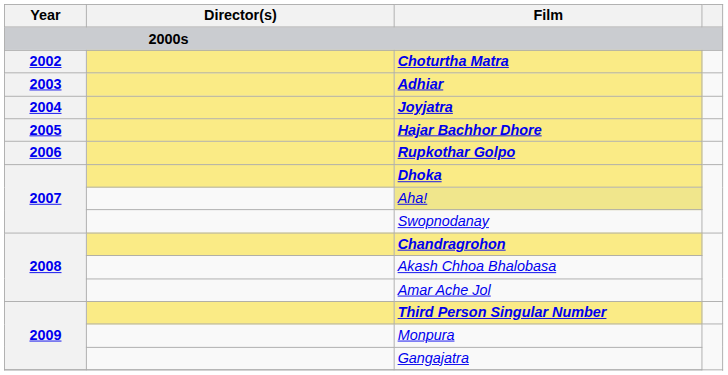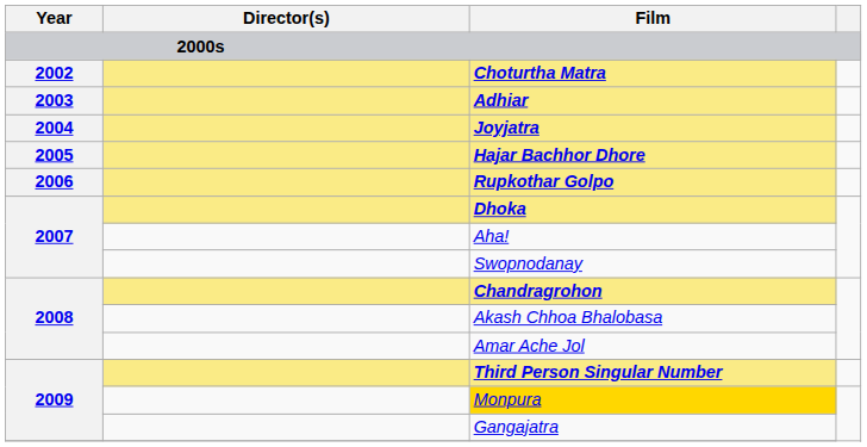 <table class="wikitable sortable">
 <tr>
 <th scope="col" style="width:8%;">Year</th>
 <th scope="col" style="width:30%;">Director(s)</th>
 <th scope="col" style="width:30%;">Film</th>
 <th scope="col" style="width:2%;" class="unsortable"></th>
 </tr>
 <tr>
 <td colspan=5 data-sort-value="ω" style="background-color:#CACCD0; font-weight:bold; padding-left:20%">2000s</td>
 </tr>
 <tr>
 <th scope="row" rowspan=1 style="text-align:center;"><a href='#'>2002</a><br></th>
 <td style="background:#FAEB86;"><strong></strong></td>
 <td style="background:#FAEB86;"><strong><em><a href='#'>Choturtha Matra</a></em></strong></td>
 <td rowspan="1"></td>
 </tr>
 <tr>
 <th scope="row" rowspan=1 style="text-align:center;"><a href='#'>2003</a><br></th>
 <td style="background:#FAEB86;"><strong></strong></td>
 <td style="background:#FAEB86;"><strong><em><a href='#'>Adhiar</a></em></strong> </td>
 <td rowspan="1"></td>
 </tr>
 <tr>
 <th scope="row" rowspan=1 style="text-align:center;"><a href='#'>2004</a><br></th>
 <td style="background:#FAEB86;"><strong></strong></td>
 <td style="background:#FAEB86;"><strong><em><a href='#'>Joyjatra</a></em></strong></td>
 <td rowspan="1"></td>
 </tr>
 <tr>
 <th scope="row" rowspan=1 style="text-align:center;"><a href='#'>2005</a><br></th>
 <td style="background:#FAEB86;"><strong></strong></td>
 <td style="background:#FAEB86;"><strong><em><a href='#'>Hajar Bachhor Dhore</a></em></strong> </td>
 <td rowspan="1"></td>
 </tr>
 <tr>
 <th scope="row" rowspan=1 style="text-align:center;"><a href='#'>2006</a><br></th>
 <td style="background:#FAEB86;"><strong></strong></td>
 <td style="background:#FAEB86;"><strong><em><a href='#'>Rupkothar Golpo</a></em></strong></td>
 <td rowspan="1"></td>
 </tr>
 <tr>
 <th scope="row" rowspan=3 style="text-align:center;"><a href='#'>2007</a><br></th>
 <td style="background:#FAEB86;"><strong></strong></td>
 <td style="background:#FAEB86;"><strong><em><a href='#'>Dhoka</a></em></strong></td>
 <td rowspan="3"></td>
 </tr>
 <tr>
 <td></td>
-<td style="background: khaki;"><em><a href='#'>Aha!</a></em></td>
+<td><em><a href='#'>Aha!</a></em></td>
 </tr>
 <tr>
 <td></td>
 <td><em><a href='#'>Swopnodanay</a></em> </td>
 </tr>
 <tr>
 <th scope="row" rowspan=3 style="text-align:center;"><a href='#'>2008</a><br></th>
 <td style="background:#FAEB86;"><strong></strong></td>
 <td style="background:#FAEB86;"><strong><em><a href='#'>Chandragrohon</a></em></strong> </td>
 <td rowspan="3"></td>
 </tr>
 <tr>
 <td></td>
 <td><em><a href='#'>Akash Chhoa Bhalobasa</a></em></td>
 </tr>
 <tr>
 <td></td>
 <td><em><a href='#'>Amar Ache Jol</a></em></td>
 </tr>
 <tr>
 <th scope="row" rowspan=3 style="text-align:center;"><a href='#'>2009</a><br></th>
 <td style="background:#FAEB86;"><strong></strong></td>
 <td style="background:#FAEB86;"><strong><em><a href='#'>Third Person Singular Number</a></em></strong> </td>
 <td></td>
 </tr>
 <tr>
 <td></td>
-<td><em><a href='#'>Monpura</a></em></td>
+<td style="background: gold;"><em><a href='#'>Monpura</a></em></td>
 </tr>
 <tr>
 <td></td>
 <td><em><a href='#'>Gangajatra</a></em></td>
 </tr>
 <tr>
 </tr>
 </table>
